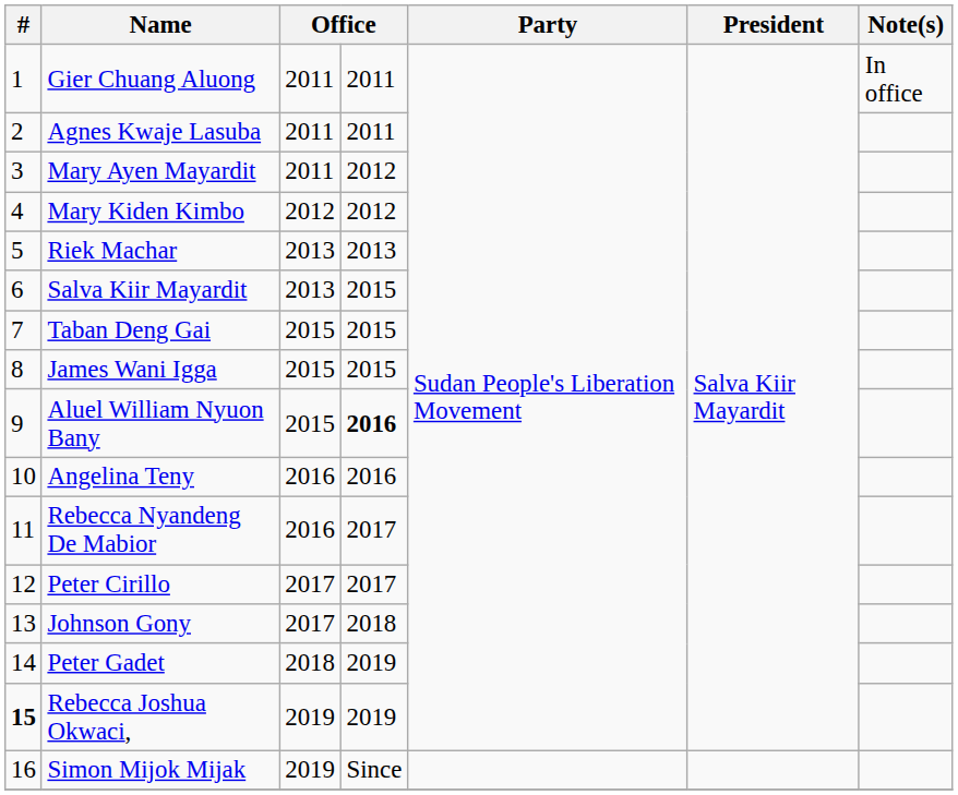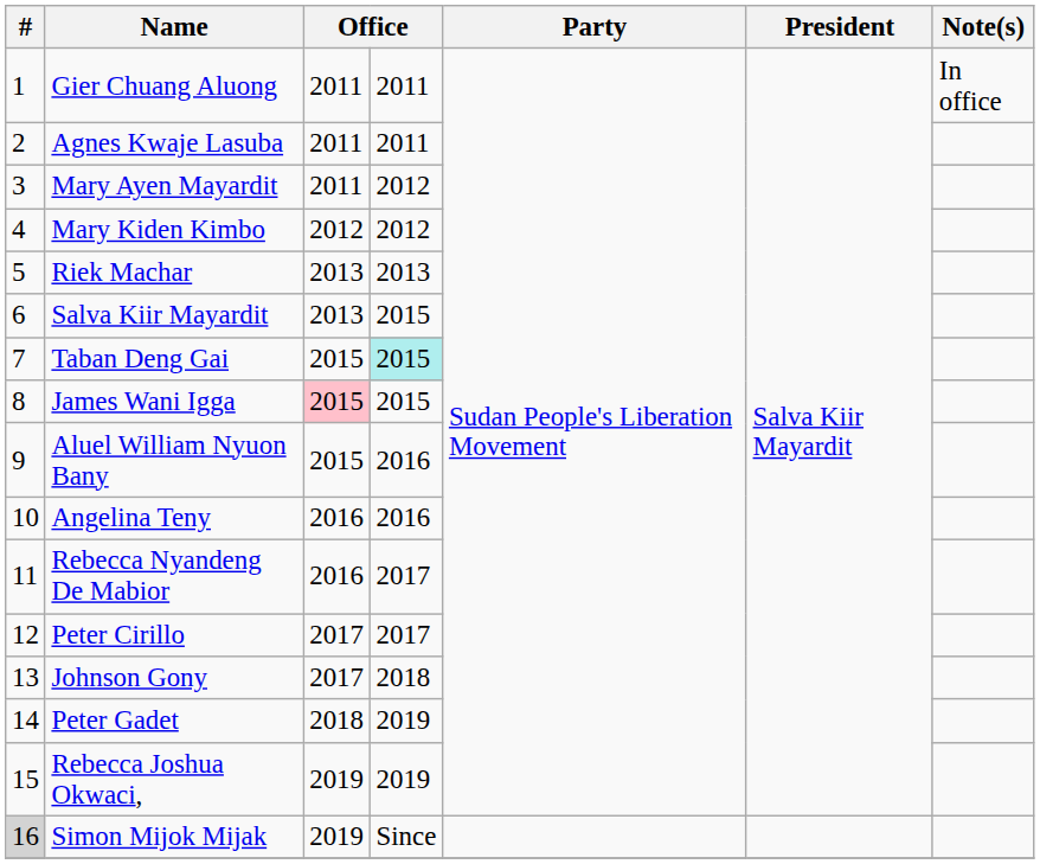 <table class="wikitable">
 <tr>
 <th>#</th>
 <th>Name</th>
 <th colspan="2">Office</th>
 <th>Party</th>
 <th>President</th>
 <th>Note(s)</th>
 </tr>
 <tr>
 <td>1</td>
 <td><a href='#'>Gier Chuang Aluong</a></td>
 <td>2011</td>
 <td>2011</td>
 <td rowspan="15"><a href='#'>Sudan People's Liberation Movement</a></td>
 <td rowspan="15"><a href='#'>Salva Kiir Mayardit</a></td>
 <td>In office</td>
 </tr>
 <tr>
 <td>2</td>
 <td><a href='#'>Agnes Kwaje Lasuba</a></td>
 <td>2011</td>
 <td>2011</td>
 <td></td>
 </tr>
 <tr>
 <td>3</td>
 <td><a href='#'>Mary Ayen Mayardit</a></td>
 <td>2011</td>
 <td>2012</td>
 <td></td>
 </tr>
 <tr>
 <td>4</td>
 <td><a href='#'>Mary Kiden Kimbo</a></td>
 <td>2012</td>
 <td>2012</td>
 <td></td>
 </tr>
 <tr>
 <td>5</td>
 <td><a href='#'>Riek Machar</a></td>
 <td>2013</td>
 <td>2013</td>
 <td></td>
 </tr>
 <tr>
 <td>6</td>
 <td><a href='#'>Salva Kiir Mayardit</a></td>
 <td>2013</td>
 <td>2015</td>
 <td></td>
 </tr>
 <tr>
 <td>7</td>
 <td><a href='#'>Taban Deng Gai</a></td>
 <td>2015</td>
-<td>2015</td>
+<td style="background: paleturquoise;">2015</td>
 <td></td>
 </tr>
 <tr>
 <td>8</td>
 <td><a href='#'>James Wani Igga</a></td>
-<td>2015</td>
+<td style="background: pink;">2015</td>
 <td>2015</td>
 <td></td>
 </tr>
 <tr>
 <td>9</td>
 <td><a href='#'>Aluel William Nyuon Bany</a></td>
 <td>2015</td>
-<td><strong>2016</strong></td>
+<td>2016</td>
 <td></td>
 </tr>
 <tr>
 <td>10</td>
 <td><a href='#'>Angelina Teny</a></td>
 <td>2016</td>
 <td>2016</td>
 <td></td>
 </tr>
 <tr>
 <td>11</td>
 <td><a href='#'>Rebecca Nyandeng De Mabior</a></td>
 <td>2016</td>
 <td>2017</td>
 <td></td>
 </tr>
 <tr>
 <td>12</td>
 <td><a href='#'>Peter Cirillo</a></td>
 <td>2017</td>
 <td>2017</td>
 <td></td>
 </tr>
 <tr>
 <td>13</td>
 <td><a href='#'>Johnson Gony</a></td>
 <td>2017</td>
 <td>2018</td>
 <td></td>
 </tr>
 <tr>
 <td>14</td>
 <td><a href='#'>Peter Gadet</a></td>
 <td>2018</td>
 <td>2019</td>
 <td></td>
 </tr>
 <tr>
-<td><strong>15</strong></td>
+<td>15</td>
 <td><a href='#'>Rebecca Joshua Okwaci</a>,</td>
 <td>2019</td>
 <td>2019</td>
 <td></td>
 </tr>
 <tr>
-<td>16</td>
+<td style="background: lightgrey;">16</td>
 <td><a href='#'>Simon Mijok Mijak</a></td>
 <td>2019</td>
 <td>Since</td>
 <td></td>
 <td></td>
 <td></td>
 </tr>
 <tr>
 </tr>
 </table>
